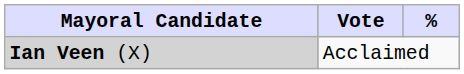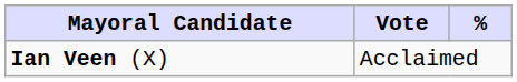 <table class="wikitable">
 <tr>
 <th style="background:#ddf; width:200px;">Mayoral Candidate</th>
 <th style="background:#ddf; width:50px;">Vote</th>
 <th style="background:#ddf; width:30px;">%</th>
 </tr>
 <tr>
-<td style="background: lightgrey;"><strong>Ian Veen</strong> (X)</td>
+<td><strong>Ian Veen</strong> (X)</td>
 <td colspan="2">Acclaimed</td>
 </tr>
 </table>
